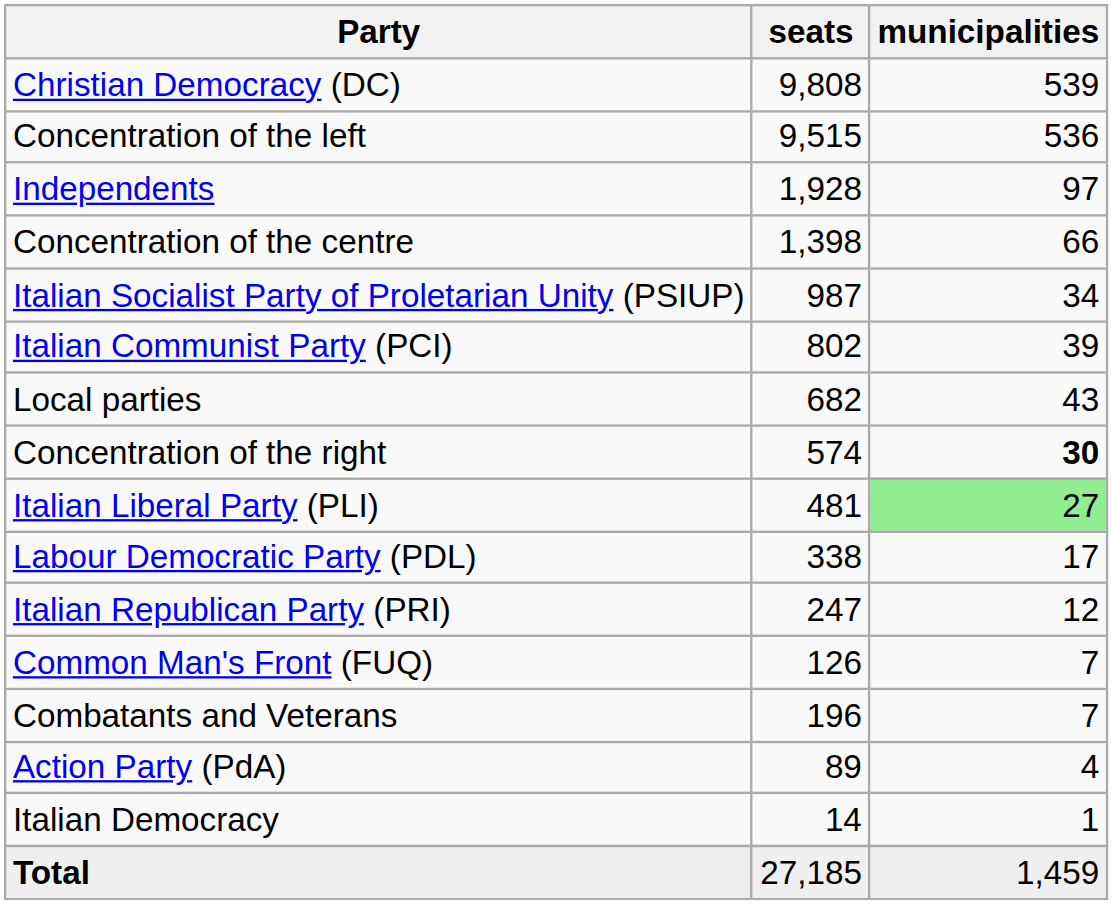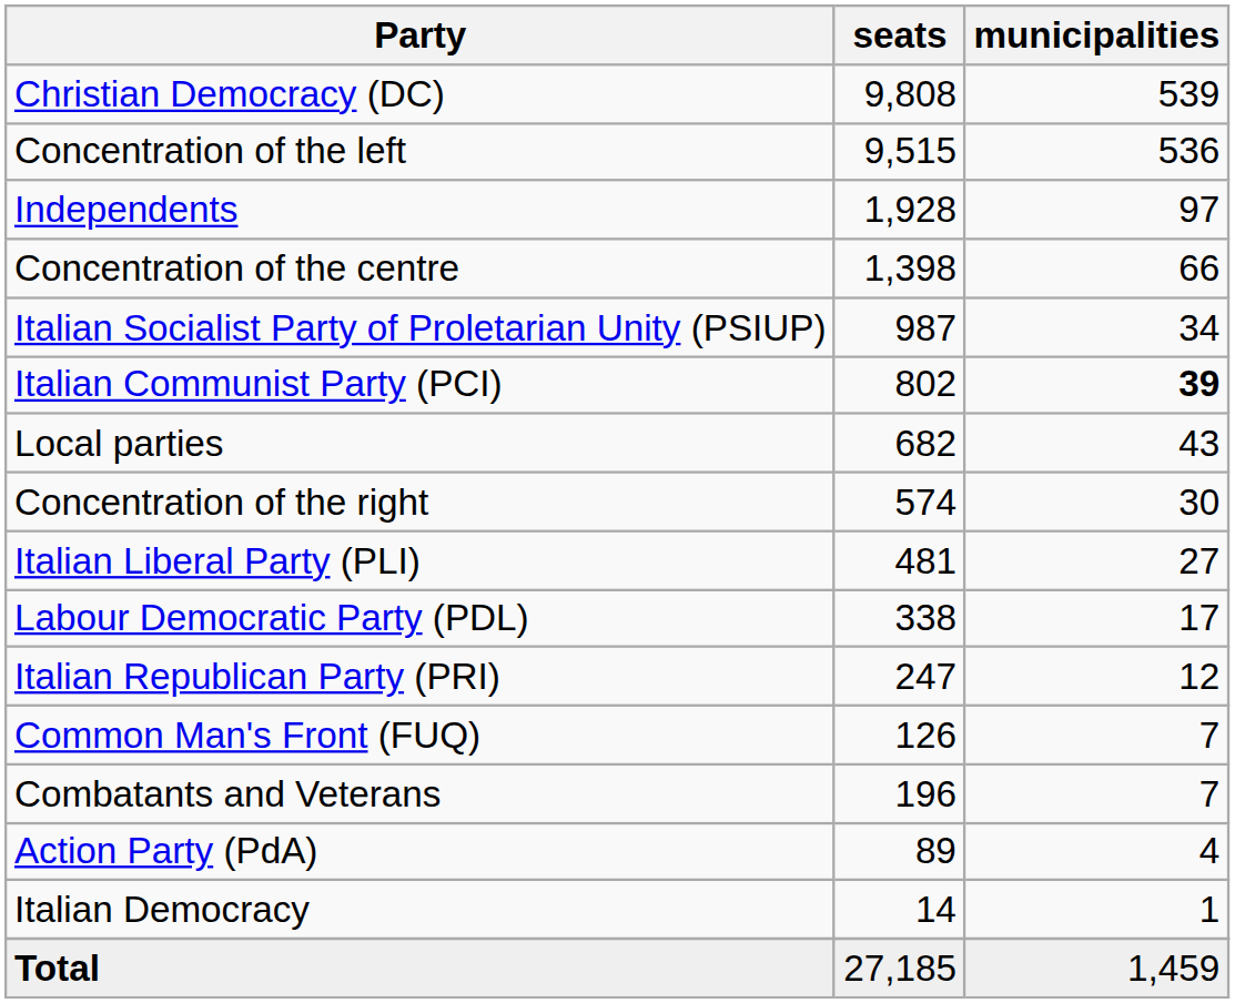 <table class="wikitable" style="font-size: 90%;">
 <tr bgcolor="EFEFEF">
 <th>Party</th>
 <th>seats</th>
 <th>municipalities</th>
 </tr>
 <tr>
 <td><a href='#'>Christian Democracy</a> (DC)</td>
 <td align=right>9,808</td>
 <td align=right>539</td>
 </tr>
 <tr>
 <td>Concentration of the left</td>
 <td align=right>9,515</td>
 <td align=right>536</td>
 </tr>
 <tr>
 <td><a href='#'>Independents</a></td>
 <td align=right>1,928</td>
 <td align=right>97</td>
 </tr>
 <tr>
 <td>Concentration of the centre</td>
 <td align=right>1,398</td>
 <td align=right>66</td>
 </tr>
 <tr>
 <td><a href='#'>Italian Socialist Party of Proletarian Unity</a> (PSIUP)</td>
 <td align=right>987</td>
 <td align=right>34</td>
 </tr>
 <tr>
 <td><a href='#'>Italian Communist Party</a> (PCI)</td>
 <td align=right>802</td>
-<td align=right>39</td>
+<td align=right><strong>39</strong></td>
 </tr>
 <tr>
 <td>Local parties</td>
 <td align=right>682</td>
 <td align=right>43</td>
 </tr>
 <tr>
 <td>Concentration of the right</td>
 <td align=right>574</td>
-<td align=right><strong>30</strong></td>
+<td align=right>30</td>
 </tr>
 <tr>
 <td><a href='#'>Italian Liberal Party</a> (PLI)</td>
 <td align=right>481</td>
-<td align=right style="background: lightgreen;">27</td>
+<td align=right>27</td>
 </tr>
 <tr>
 <td><a href='#'>Labour Democratic Party</a> (PDL)</td>
 <td align=right>338</td>
 <td align=right>17</td>
 </tr>
 <tr>
 <td><a href='#'>Italian Republican Party</a> (PRI)</td>
 <td align=right>247</td>
 <td align=right>12</td>
 </tr>
 <tr>
 <td><a href='#'>Common Man's Front</a> (FUQ)</td>
 <td align=right>126</td>
 <td align=right>7</td>
 </tr>
 <tr>
 <td>Combatants and Veterans</td>
 <td align=right>196</td>
 <td align=right>7</td>
 </tr>
 <tr>
 <td><a href='#'>Action Party</a> (PdA)</td>
 <td align=right>89</td>
 <td align=right>4</td>
 </tr>
 <tr>
 <td>Italian Democracy</td>
 <td align=right>14</td>
 <td align=right>1</td>
 </tr>
 <tr>
 </tr>
 <tr bgcolor="EFEFEF">
 <td align=left><strong>Total</strong></td>
 <td align=right>27,185</td>
 <td align=right>1,459</td>
 </tr>
 </table>
